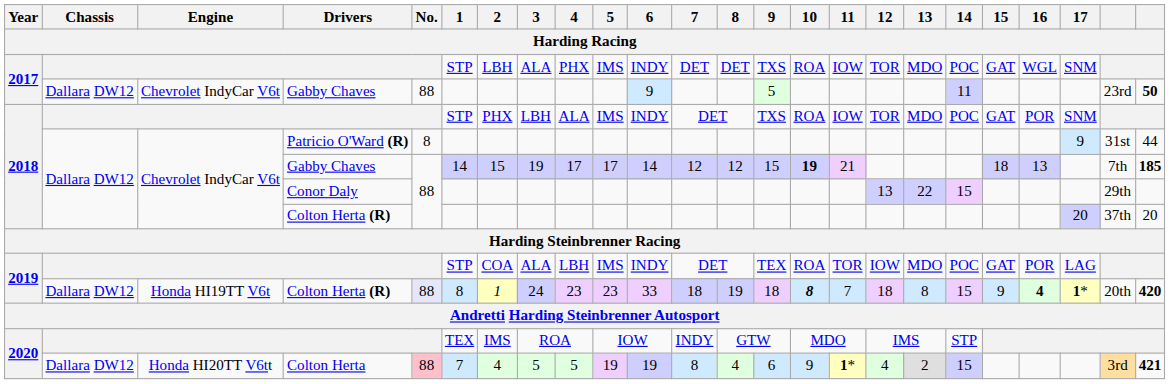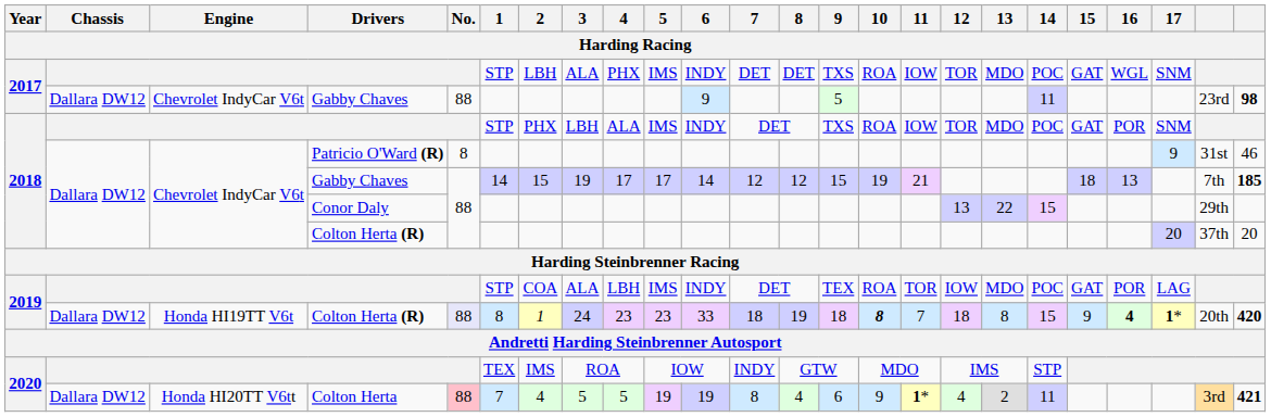 <table class="wikitable" style="text-align:center; font-size:85%">
 <tr>
 <th>Year</th>
 <th>Chassis</th>
 <th>Engine</th>
 <th>Drivers</th>
 <th>No.</th>
 <th>1</th>
 <th>2</th>
 <th>3</th>
 <th>4</th>
 <th>5</th>
 <th>6</th>
 <th>7</th>
 <th>8</th>
 <th>9</th>
 <th>10</th>
 <th>11</th>
 <th>12</th>
 <th>13</th>
 <th>14</th>
 <th>15</th>
 <th>16</th>
 <th>17</th>
 <th></th>
 <th></th>
 </tr>
 <tr>
 <th colspan=24>Harding Racing</th>
 </tr>
 <tr>
 <th rowspan="2"><a href='#'>2017</a></th>
 <th colspan=4></th>
 <td><a href='#'>STP</a></td>
 <td><a href='#'>LBH</a></td>
 <td><a href='#'>ALA</a></td>
 <td><a href='#'>PHX</a></td>
 <td><a href='#'>IMS</a></td>
 <td><a href='#'>INDY</a></td>
 <td><a href='#'>DET</a></td>
 <td><a href='#'>DET</a></td>
 <td><a href='#'>TXS</a></td>
 <td><a href='#'>ROA</a></td>
 <td><a href='#'>IOW</a></td>
 <td><a href='#'>TOR</a></td>
 <td><a href='#'>MDO</a></td>
 <td><a href='#'>POC</a></td>
 <td><a href='#'>GAT</a></td>
 <td><a href='#'>WGL</a></td>
 <td><a href='#'>SNM</a></td>
 <th colspan=4></th>
 </tr>
 <tr>
 <td><a href='#'>Dallara</a> <a href='#'>DW12</a></td>
 <td><a href='#'>Chevrolet</a> IndyCar <a href='#'>V6</a><a href='#'>t</a></td>
 <td align="left"> <a href='#'>Gabby Chaves</a></td>
 <td>88</td>
 <td></td>
 <td></td>
 <td></td>
 <td></td>
 <td></td>
 <td style="background:#CFEAFF;">9</td>
 <td></td>
 <td></td>
 <td style="background:#DFFFDF;">5</td>
 <td></td>
 <td></td>
 <td></td>
 <td></td>
 <td style="background:#CFCFFF;">11</td>
 <td></td>
 <td></td>
 <td></td>
 <td>23rd</td>
-<td><strong>50</strong></td>
+<td><strong>98</strong></td>
 </tr>
 <tr>
 <th rowspan=5><a href='#'>2018</a></th>
 <th colspan=4></th>
 <td><a href='#'>STP</a></td>
 <td><a href='#'>PHX</a></td>
 <td><a href='#'>LBH</a></td>
 <td><a href='#'>ALA</a></td>
 <td><a href='#'>IMS</a></td>
 <td><a href='#'>INDY</a></td>
 <td colspan=2><a href='#'>DET</a></td>
 <td><a href='#'>TXS</a></td>
 <td><a href='#'>ROA</a></td>
 <td><a href='#'>IOW</a></td>
 <td><a href='#'>TOR</a></td>
 <td><a href='#'>MDO</a></td>
 <td><a href='#'>POC</a></td>
 <td><a href='#'>GAT</a></td>
 <td><a href='#'>POR</a></td>
 <td><a href='#'>SNM</a></td>
 <th colspan=4></th>
 </tr>
 <tr>
 <td rowspan=4><a href='#'>Dallara</a> <a href='#'>DW12</a></td>
 <td rowspan=4><a href='#'>Chevrolet</a> IndyCar <a href='#'>V6</a><a href='#'>t</a></td>
 <td align=left> <a href='#'>Patricio O'Ward</a> <strong>(R)</strong></td>
 <td>8</td>
 <td></td>
 <td></td>
 <td></td>
 <td></td>
 <td></td>
 <td></td>
 <td></td>
 <td></td>
 <td></td>
 <td></td>
 <td></td>
 <td></td>
 <td></td>
 <td></td>
 <td></td>
 <td></td>
 <td style="background:#CFEAFF;">9</td>
 <td>31st</td>
-<td>44</td>
+<td>46</td>
 </tr>
 <tr>
 <td align=left> <a href='#'>Gabby Chaves</a></td>
 <td rowspan=3>88</td>
 <td style="background:#CFCFFF;">14</td>
 <td style="background:#CFCFFF;">15</td>
 <td style="background:#CFCFFF;">19</td>
 <td style="background:#CFCFFF;">17</td>
 <td style="background:#CFCFFF;">17</td>
 <td style="background:#CFCFFF;">14</td>
 <td style="background:#CFCFFF;">12</td>
 <td style="background:#CFCFFF;">12</td>
 <td style="background:#CFCFFF;">15</td>
-<td style="background:#CFCFFF;"><strong>19</strong></td>
+<td style="background:#CFCFFF;">19</td>
 <td style="background:#EFCFFF;">21</td>
 <td></td>
 <td></td>
 <td></td>
 <td style="background:#CFCFFF;">18</td>
 <td style="background:#CFCFFF;">13</td>
 <td></td>
 <td>7th</td>
 <td><strong>185</strong></td>
 </tr>
 <tr>
 <td align=left> <a href='#'>Conor Daly</a></td>
 <td></td>
 <td></td>
 <td></td>
 <td></td>
 <td></td>
 <td></td>
 <td></td>
 <td></td>
 <td></td>
 <td></td>
 <td></td>
 <td style="background:#CFCFFF;">13</td>
 <td style="background:#CFCFFF;">22</td>
 <td style="background:#EFCFFF;">15</td>
 <td></td>
 <td></td>
 <td></td>
 <td>29th</td>
 <td></td>
 </tr>
 <tr>
 <td align=left> <a href='#'>Colton Herta</a> <strong>(R)</strong></td>
 <td></td>
 <td></td>
 <td></td>
 <td></td>
 <td></td>
 <td></td>
 <td></td>
 <td></td>
 <td></td>
 <td></td>
 <td></td>
 <td></td>
 <td></td>
 <td></td>
 <td></td>
 <td></td>
 <td style="background:#CFCFFF;">20</td>
 <td>37th</td>
 <td>20</td>
 </tr>
 <tr>
 <th colspan=24>Harding Steinbrenner Racing</th>
 </tr>
 <tr>
 <th rowspan=2><a href='#'>2019</a></th>
 <th colspan=4></th>
 <td><a href='#'>STP</a></td>
 <td><a href='#'>COA</a></td>
 <td><a href='#'>ALA</a></td>
 <td><a href='#'>LBH</a></td>
 <td><a href='#'>IMS</a></td>
 <td><a href='#'>INDY</a></td>
 <td colspan=2><a href='#'>DET</a></td>
 <td><a href='#'>TEX</a></td>
 <td><a href='#'>ROA</a></td>
 <td><a href='#'>TOR</a></td>
 <td><a href='#'>IOW</a></td>
 <td><a href='#'>MDO</a></td>
 <td><a href='#'>POC</a></td>
 <td><a href='#'>GAT</a></td>
 <td><a href='#'>POR</a></td>
 <td><a href='#'>LAG</a></td>
 <th colspan=4></th>
 </tr>
 <tr>
 <td><a href='#'>Dallara</a> <a href='#'>DW12</a></td>
 <td><a href='#'>Honda</a> HI19TT <a href='#'>V6</a><a href='#'>t</a></td>
 <td align="left"> <a href='#'>Colton Herta</a> <strong>(R)</strong></td>
 <td style="background: lavender;">88</td>
 <td style="background:#CFEAFF;">8</td>
 <td style="background:#FFFFBF;"><em>1</em></td>
 <td style="background:#CFCFFF;">24</td>
 <td style="background:#EFCFFF;">23</td>
 <td style="background:#EFCFFF;">23</td>
 <td style="background:#EFCFFF;">33</td>
 <td style="background:#CFCFFF;">18</td>
 <td style="background:#CFCFFF;">19</td>
 <td style="background:#EFCFFF;">18</td>
 <td style="background:#CFEAFF;"><strong><em>8</em></strong></td>
 <td style="background:#CFEAFF;">7</td>
 <td style="background:#EFCFFF;">18</td>
 <td style="background:#CFEAFF;">8</td>
 <td style="background:#EFCFFF;">15</td>
 <td style="background:#CFEAFF;">9</td>
 <td style="background:#DFFFDF;"><strong>4</strong></td>
 <td style="background:#FFFFBF;"><strong>1</strong>*</td>
 <td>20th</td>
 <td><strong>420</strong></td>
 </tr>
 <tr>
 <th colspan=24><a href='#'>Andretti</a> <a href='#'>Harding Steinbrenner Autosport</a></th>
 </tr>
 <tr>
 <th rowspan="2"><a href='#'>2020</a></th>
 <th colspan=4></th>
 <td><a href='#'>TEX</a></td>
 <td><a href='#'>IMS</a></td>
 <td colspan=2><a href='#'>ROA</a></td>
 <td colspan=2><a href='#'>IOW</a></td>
 <td><a href='#'>INDY</a></td>
 <td colspan=2><a href='#'>GTW</a></td>
 <td colspan=2><a href='#'>MDO</a></td>
 <td colspan=2><a href='#'>IMS</a></td>
 <td><a href='#'>STP</a></td>
 <th colspan=5></th>
 </tr>
 <tr>
 <td rowspan="1"><a href='#'>Dallara</a> <a href='#'>DW12</a></td>
 <td rowspan=1><a href='#'>Honda</a> HI20TT <a href='#'>V6t</a>t</td>
 <td align="left"> <a href='#'>Colton Herta</a></td>
 <td style="background: pink;">88</td>
 <td style="background:#CFEAFF;">7</td>
 <td style="background:#DFFFDF;">4</td>
 <td style="background:#DFFFDF;">5</td>
 <td style="background:#DFFFDF;">5</td>
 <td style="background:#EFCFFF;”">19</td>
 <td style="background:#CFCFFF;">19</td>
 <td style="background:#CFEAFF;">8</td>
 <td style="background:#DFFFDF;">4</td>
 <td style="background:#CFEAFF;">6</td>
 <td style="background:#CFEAFF;">9</td>
 <td style="background:#FFFFBF;"><strong>1</strong>*</td>
 <td style="background:#DFFFDF;">4</td>
 <td style="background:#DFDFDF;">2</td>
-<td style="background:#CFCFFF">15</td>
+<td style="background:#CFCFFF;">11</td>
 <td></td>
 <td></td>
 <td></td>
 <td style="background:#FFDF9F;">3rd</td>
 <td style="background:#;"><strong>421</strong></td>
 </tr>
 </table>
